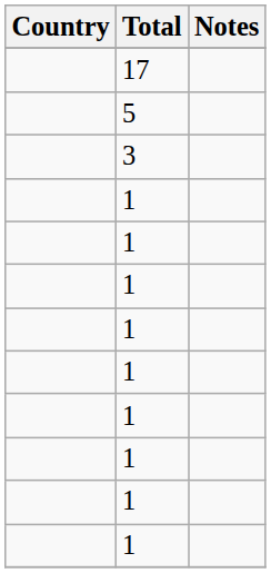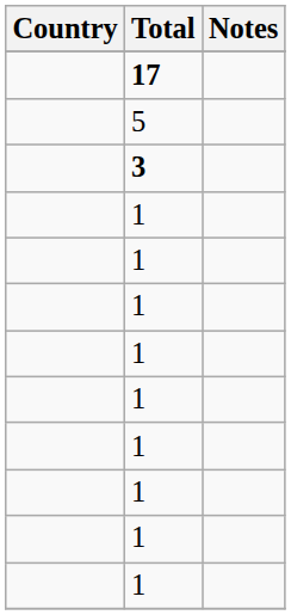 <table class="wikitable sortable">
 <tr>
 <th>Country</th>
 <th>Total</th>
 <th>Notes</th>
 </tr>
 <tr>
 </tr>
 <tr>
 <td></td>
-<td>17</td>
+<td><strong>17</strong></td>
 <td></td>
 </tr>
 <tr>
 <td></td>
 <td>5</td>
 <td></td>
 </tr>
 <tr>
 <td></td>
-<td>3</td>
+<td><strong>3</strong></td>
 <td></td>
 </tr>
 <tr>
 <td></td>
 <td>1</td>
 <td></td>
 </tr>
 <tr>
 <td></td>
 <td>1</td>
 <td></td>
 </tr>
 <tr>
 <td></td>
 <td>1</td>
 <td></td>
 </tr>
 <tr>
 <td></td>
 <td>1</td>
 <td></td>
 </tr>
 <tr>
 <td></td>
 <td>1</td>
 <td></td>
 </tr>
 <tr>
 <td></td>
 <td>1</td>
 <td></td>
 </tr>
 <tr>
 <td></td>
 <td>1</td>
 <td></td>
 </tr>
 <tr>
 <td></td>
 <td>1</td>
 <td></td>
 </tr>
 <tr>
 <td></td>
 <td>1</td>
 <td></td>
 </tr>
 <tr>
 </tr>
 </table>
